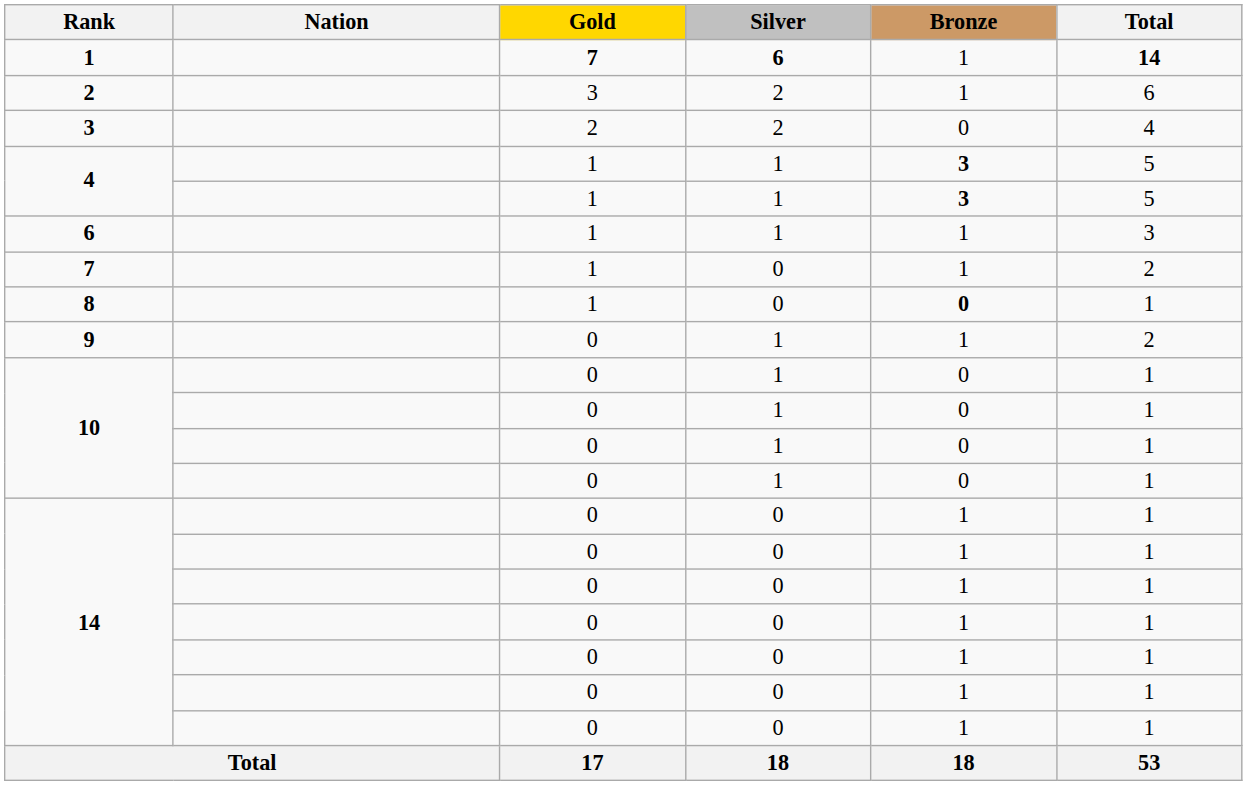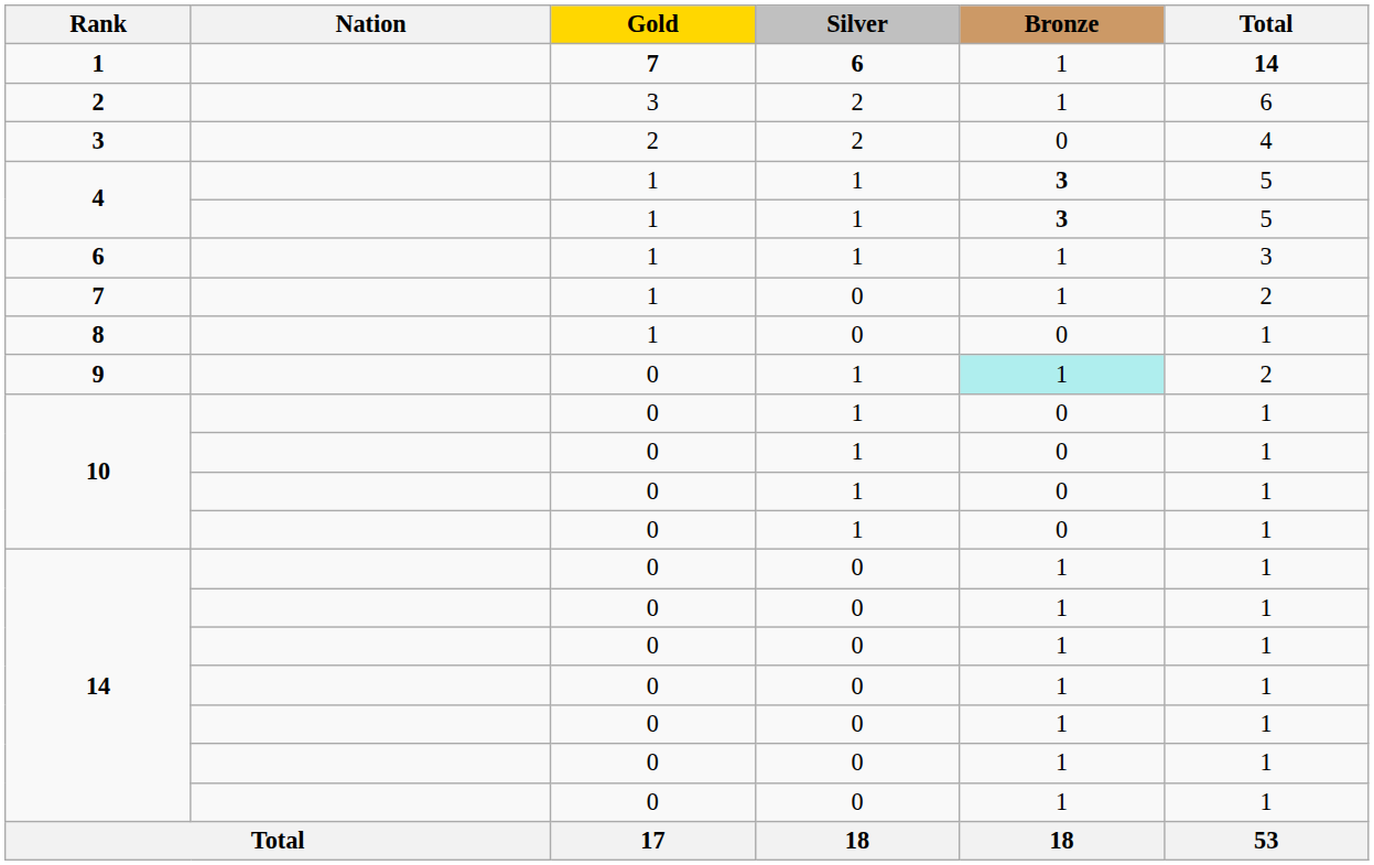 <table class="wikitable collapsible autocollapse plainrowheaders" width=70.5% style="text-align:center;">
 <tr style="background-color:#EDEDED;">
 <th width=100px class="hintergrundfarbe5">Rank</th>
 <th width=200px class="hintergrundfarbe6">Nation</th>
 <th style="background:    gold; width:15%">Gold</th>
 <th style="background:  silver; width:15%">Silver</th>
 <th style="background: #CC9966; width:15%">Bronze</th>
 <th class="hintergrundfarbe6" style="width:15%">Total</th>
 </tr>
 <tr>
 <td><strong>1</strong></td>
 <td align=left></td>
 <td><strong>7</strong></td>
 <td><strong>6</strong></td>
 <td>1</td>
 <td><strong>14</strong></td>
 </tr>
 <tr>
 <td><strong>2</strong></td>
 <td align=left></td>
 <td>3</td>
 <td>2</td>
 <td>1</td>
 <td>6</td>
 </tr>
 <tr>
 <td><strong>3</strong></td>
 <td align=left></td>
 <td>2</td>
 <td>2</td>
 <td>0</td>
 <td>4</td>
 </tr>
 <tr>
 <td rowspan=2><strong>4</strong></td>
 <td align=left></td>
 <td>1</td>
 <td>1</td>
 <td><strong>3</strong></td>
 <td>5</td>
 </tr>
 <tr>
 <td align=left></td>
 <td>1</td>
 <td>1</td>
 <td><strong>3</strong></td>
 <td>5</td>
 </tr>
 <tr>
 <td><strong>6</strong></td>
 <td align=left></td>
 <td>1</td>
 <td>1</td>
 <td>1</td>
 <td>3</td>
 </tr>
 <tr>
 <td><strong>7</strong></td>
 <td align=left></td>
 <td>1</td>
 <td>0</td>
 <td>1</td>
 <td>2</td>
 </tr>
 <tr>
 <td><strong>8</strong></td>
 <td align=left></td>
 <td>1</td>
 <td>0</td>
-<td><strong>0</strong></td>
+<td>0</td>
 <td>1</td>
 </tr>
 <tr>
 <td><strong>9</strong></td>
 <td align=left></td>
 <td>0</td>
 <td>1</td>
-<td>1</td>
+<td style="background: paleturquoise;">1</td>
 <td>2</td>
 </tr>
 <tr>
 <td rowspan=4><strong>10</strong></td>
 <td align=left></td>
 <td>0</td>
 <td>1</td>
 <td>0</td>
 <td>1</td>
 </tr>
 <tr>
 <td align=left></td>
 <td>0</td>
 <td>1</td>
 <td>0</td>
 <td>1</td>
 </tr>
 <tr>
 <td align=left></td>
 <td>0</td>
 <td>1</td>
 <td>0</td>
 <td>1</td>
 </tr>
 <tr>
 <td align=left></td>
 <td>0</td>
 <td>1</td>
 <td>0</td>
 <td>1</td>
 </tr>
 <tr>
 <td rowspan=7><strong>14</strong></td>
 <td align=left></td>
 <td>0</td>
 <td>0</td>
 <td>1</td>
 <td>1</td>
 </tr>
 <tr>
 <td align=left></td>
 <td>0</td>
 <td>0</td>
 <td>1</td>
 <td>1</td>
 </tr>
 <tr>
 <td align=left></td>
 <td>0</td>
 <td>0</td>
 <td>1</td>
 <td>1</td>
 </tr>
 <tr>
 <td align=left></td>
 <td>0</td>
 <td>0</td>
 <td>1</td>
 <td>1</td>
 </tr>
 <tr>
 <td align=left><em></em></td>
 <td>0</td>
 <td>0</td>
 <td>1</td>
 <td>1</td>
 </tr>
 <tr>
 <td align=left></td>
 <td>0</td>
 <td>0</td>
 <td>1</td>
 <td>1</td>
 </tr>
 <tr>
 <td align=left></td>
 <td>0</td>
 <td>0</td>
 <td>1</td>
 <td>1</td>
 </tr>
 <tr>
 <th colspan=2>Total</th>
 <th>17</th>
 <th>18</th>
 <th>18</th>
 <th>53</th>
 </tr>
 </table>
